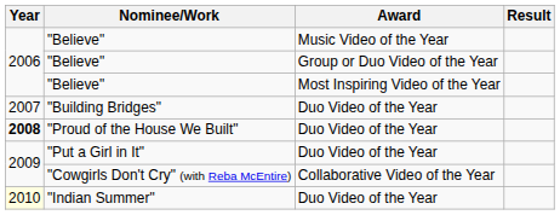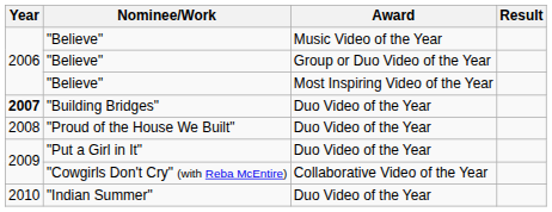 <table class="wikitable">
 <tr>
 <th>Year</th>
 <th>Nominee/Work</th>
 <th>Award</th>
 <th>Result</th>
 </tr>
 <tr>
 <td rowspan=3>2006</td>
 <td>"Believe"</td>
 <td>Music Video of the Year</td>
 <td></td>
 </tr>
 <tr>
 <td>"Believe"</td>
 <td>Group or Duo Video of the Year</td>
 <td></td>
 </tr>
 <tr>
 <td>"Believe"</td>
 <td>Most Inspiring Video of the Year</td>
 <td></td>
 </tr>
 <tr>
-<td>2007</td>
+<td><strong>2007</strong></td>
 <td>"Building Bridges"</td>
 <td>Duo Video of the Year</td>
 <td></td>
 </tr>
 <tr>
-<td><strong>2008</strong></td>
+<td>2008</td>
 <td>"Proud of the House We Built"</td>
 <td>Duo Video of the Year</td>
 <td></td>
 </tr>
 <tr>
 <td rowspan=2>2009</td>
 <td>"Put a Girl in It"</td>
 <td>Duo Video of the Year</td>
 <td></td>
 </tr>
 <tr>
 <td>"Cowgirls Don't Cry" <small>(with <a href='#'>Reba McEntire</a>)</small></td>
 <td>Collaborative Video of the Year</td>
 <td></td>
 </tr>
 <tr>
-<td style="background: lightyellow;">2010</td>
+<td>2010</td>
 <td>"Indian Summer"</td>
 <td>Duo Video of the Year</td>
 <td></td>
 </tr>
 </table>
